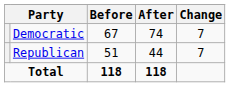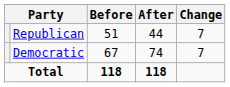 <table class="wikitable" style="text-align:center;">
 <tr>
 </tr>
 <tr>
 <th colspan=2>Party</th>
 <th>Before</th>
 <th>After</th>
 <th>Change</th>
 </tr>
 <tr>
 <th style="background-color:"></th>
-<td style="text-align:left;"><a href='#'>Democratic</a></td>
-<td>67</td>
-<td>74</td>
+<td style="text-align:left;"><a href='#'>Republican</a></td>
+<td>51</td>
+<td>44</td>
 <td> 7</td>
 </tr>
 <tr>
 <th style="background-color:"></th>
-<td style="text-align:left;"><a href='#'>Republican</a></td>
-<td>51</td>
-<td>44</td>
+<td style="text-align:left;"><a href='#'>Democratic</a></td>
+<td>67</td>
+<td>74</td>
 <td> 7</td>
 </tr>
 <tr>
 <td colspan=2><strong>Total</strong></td>
 <td><strong>118</strong></td>
 <td><strong>118</strong></td>
 <td></td>
 </tr>
 </table>
